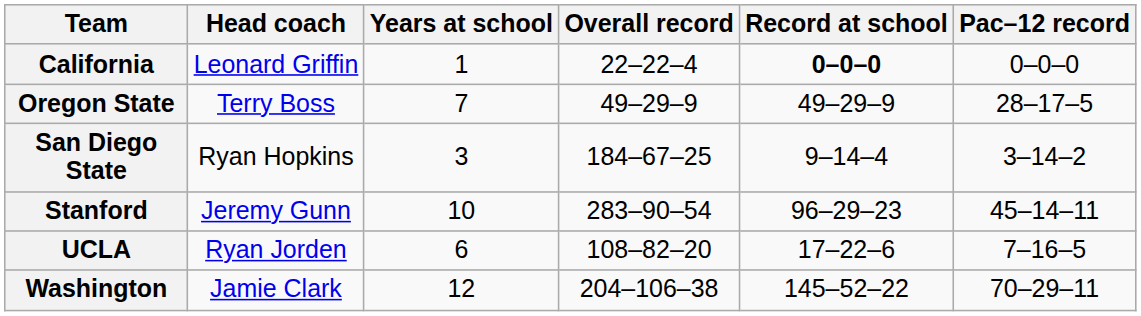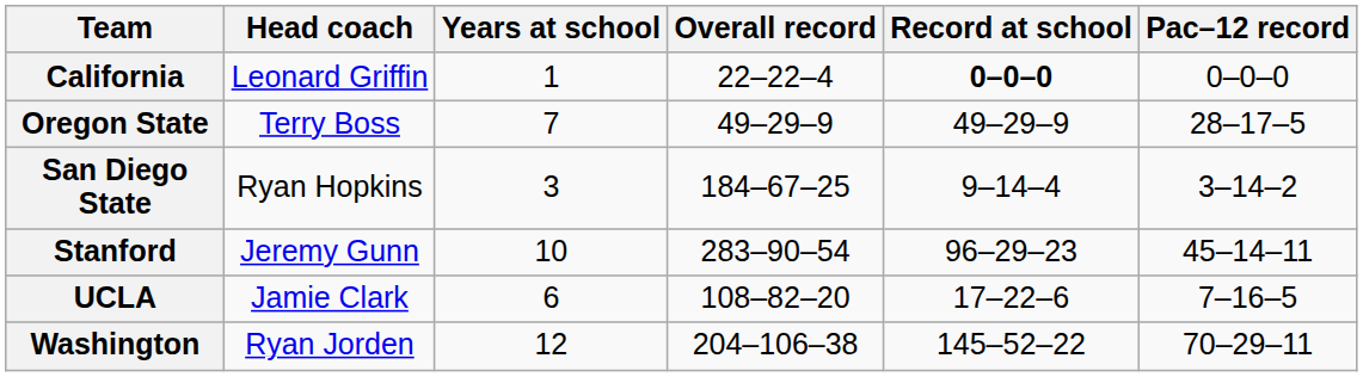 <table class="wikitable sortable" style="text-align: center;">
 <tr>
 <th style="width:110px;">Team</th>
 <th>Head coach</th>
 <th>Years at school</th>
 <th>Overall record</th>
 <th>Record at school</th>
 <th>Pac–12 record</th>
 </tr>
 <tr>
 <th>California</th>
 <td><a href='#'>Leonard Griffin</a></td>
 <td>1</td>
 <td>22–22–4</td>
 <td><strong>0–0–0</strong></td>
 <td>0–0–0</td>
 </tr>
 <tr>
 <th>Oregon State</th>
 <td><a href='#'>Terry Boss</a></td>
 <td>7</td>
 <td>49–29–9</td>
 <td>49–29–9</td>
 <td>28–17–5</td>
 </tr>
 <tr>
 <th>San Diego State</th>
 <td>Ryan Hopkins</td>
 <td>3</td>
 <td>184–67–25</td>
 <td>9–14–4</td>
 <td>3–14–2</td>
 </tr>
 <tr>
 <th>Stanford</th>
 <td><a href='#'>Jeremy Gunn</a></td>
 <td>10</td>
 <td>283–90–54 </td>
 <td>96–29–23 </td>
 <td>45–14–11 </td>
 </tr>
 <tr>
 <th>UCLA</th>
-<td><a href='#'>Ryan Jorden</a></td>
+<td><a href='#'>Jamie Clark</a></td>
 <td>6</td>
 <td>108–82–20</td>
 <td>17–22–6</td>
 <td>7–16–5</td>
 </tr>
 <tr>
 <th>Washington</th>
-<td><a href='#'>Jamie Clark</a></td>
+<td><a href='#'>Ryan Jorden</a></td>
 <td>12</td>
 <td>204–106–38</td>
 <td>145–52–22</td>
 <td>70–29–11</td>
 </tr>
 </table>
